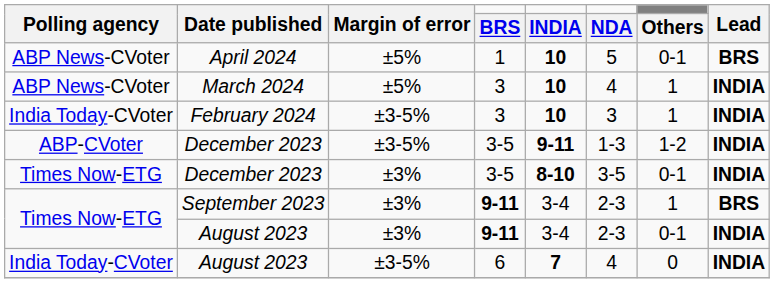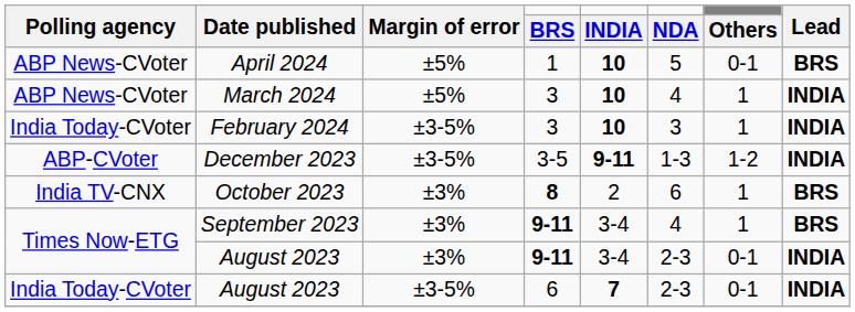 <table class="wikitable sortable" style="text-align:center;font-size:95%;line-height:16px">
 <tr>
 <th rowspan="2">Polling agency</th>
 <th rowspan="2">Date published</th>
 <th rowspan="2">Margin of error</th>
 <td></td>
 <td></td>
 <td></td>
 <td bgcolor=grey></td>
 <th rowspan="2">Lead</th>
 </tr>
 <tr>
 <th><a href='#'>BRS</a></th>
 <th><a href='#'>INDIA</a></th>
 <th><a href='#'>NDA</a></th>
 <th>Others</th>
 </tr>
 <tr>
 <td><a href='#'>ABP News</a>-CVoter</td>
 <td><em>April 2024</em></td>
 <td>±5%</td>
 <td>1</td>
 <td><strong>10</strong></td>
 <td>5</td>
 <td>0-1</td>
 <td><strong>BRS</strong></td>
 </tr>
 <tr>
 <td><a href='#'>ABP News</a>-CVoter</td>
 <td><em>March 2024</em></td>
 <td>±5%</td>
 <td>3</td>
 <td><strong>10</strong></td>
 <td>4</td>
 <td>1</td>
 <td><strong>INDIA</strong></td>
 </tr>
 <tr>
 <td><a href='#'>India Today</a>-CVoter</td>
 <td><em>February 2024</em></td>
 <td>±3-5%</td>
 <td>3</td>
 <td><strong>10</strong></td>
 <td>3</td>
 <td>1</td>
 <td><strong>INDIA</strong></td>
 </tr>
 <tr>
 <td><a href='#'>ABP</a>-<a href='#'>CVoter</a></td>
 <td><em>December 2023</em></td>
 <td>±3-5%</td>
 <td>3-5</td>
 <td><strong>9-11</strong></td>
 <td>1-3</td>
 <td>1-2</td>
 <td><strong>INDIA</strong></td>
 </tr>
 <tr>
-<td><a href='#'>Times Now</a>-<a href='#'>ETG</a></td>
-<td><em>December 2023</em></td>
+<td><a href='#'>India TV</a>-CNX</td>
+<td><em>October 2023</em></td>
 <td>±3%</td>
-<td>3-5</td>
-<td><strong>8-10</strong></td>
-<td>3-5</td>
-<td>0-1</td>
-<td><strong>INDIA</strong></td>
+<td><strong>8</strong></td>
+<td>2</td>
+<td>6</td>
+<td>1</td>
+<td><strong>BRS</strong></td>
 </tr>
 <tr>
 <td rowspan="2"><a href='#'>Times Now</a>-<a href='#'>ETG</a></td>
 <td><em>September 2023</em></td>
 <td>±3%</td>
 <td><strong>9-11</strong></td>
 <td>3-4</td>
-<td>2-3</td>
+<td>4</td>
 <td>1</td>
 <td><strong>BRS</strong></td>
 </tr>
 <tr>
 <td><em>August 2023</em></td>
 <td>±3%</td>
 <td><strong>9-11</strong></td>
 <td>3-4</td>
 <td>2-3</td>
 <td>0-1</td>
 <td><strong>INDIA</strong></td>
 </tr>
 <tr>
 <td><a href='#'>India Today</a>-<a href='#'>CVoter</a></td>
 <td><em>August 2023</em></td>
 <td>±3-5%</td>
 <td>6</td>
 <td><strong>7</strong></td>
-<td>4</td>
-<td>0</td>
+<td>2-3</td>
+<td>0-1</td>
 <td><strong>INDIA</strong></td>
 </tr>
 <tr>
 </tr>
 </table>
